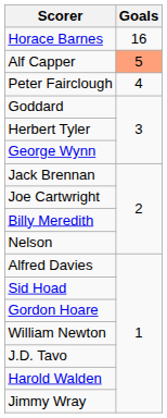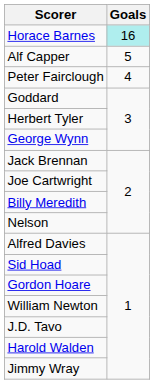 <table class="wikitable">
 <tr>
 <th>Scorer</th>
 <th>Goals</th>
 </tr>
 <tr>
 <td> <a href='#'>Horace Barnes</a></td>
-<td align=center>16</td>
+<td align=center style="background: paleturquoise;">16</td>
 </tr>
 <tr>
 <td> Alf Capper</td>
-<td align=center style="background: lightsalmon;">5</td>
+<td align=center>5</td>
 </tr>
 <tr>
 <td>Peter Fairclough</td>
 <td align=center>4</td>
 </tr>
 <tr>
 <td>Goddard</td>
 <td rowspan="3" align=center>3</td>
 </tr>
 <tr>
 <td>Herbert Tyler</td>
 </tr>
 <tr>
 <td> <a href='#'>George Wynn</a></td>
 </tr>
 <tr>
 <td>Jack Brennan</td>
 <td rowspan="4" align=center>2</td>
 </tr>
 <tr>
 <td>Joe Cartwright</td>
 </tr>
 <tr>
 <td> <a href='#'>Billy Meredith</a></td>
 </tr>
 <tr>
 <td>Nelson</td>
 </tr>
 <tr>
 <td>Alfred Davies</td>
 <td rowspan="7" align=center>1</td>
 </tr>
 <tr>
 <td> <a href='#'>Sid Hoad</a></td>
 </tr>
 <tr>
 <td> <a href='#'>Gordon Hoare</a></td>
 </tr>
 <tr>
 <td>William Newton</td>
 </tr>
 <tr>
 <td>J.D. Tavo</td>
 </tr>
 <tr>
 <td> <a href='#'>Harold Walden</a></td>
 </tr>
 <tr>
 <td>Jimmy Wray</td>
 </tr>
 </table>
